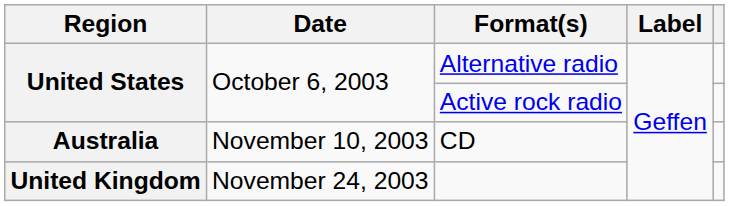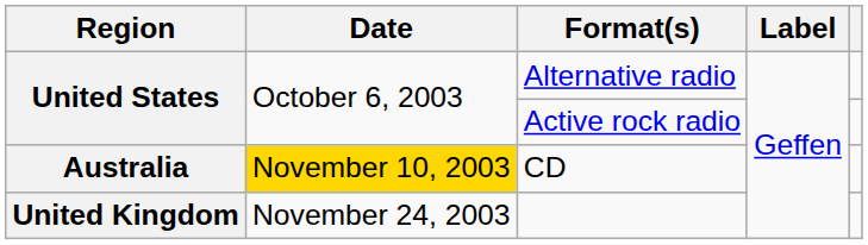 <table class="wikitable plainrowheaders">
 <tr>
 <th scope="col">Region</th>
 <th scope="col">Date</th>
 <th scope="col">Format(s)</th>
 <th scope="col">Label</th>
 <th scope="col"></th>
 </tr>
 <tr>
 <th scope="row" rowspan="2">United States</th>
 <td rowspan="2">October 6, 2003</td>
 <td><a href='#'>Alternative radio</a></td>
 <td rowspan="4"><a href='#'>Geffen</a></td>
 <td></td>
 </tr>
 <tr>
 <td><a href='#'>Active rock radio</a></td>
 <td></td>
 </tr>
 <tr>
 <th scope="row">Australia</th>
-<td>November 10, 2003</td>
+<td style="background: gold;">November 10, 2003</td>
 <td>CD</td>
 <td></td>
 </tr>
 <tr>
 <th scope="row">United Kingdom</th>
 <td>November 24, 2003</td>
 <td></td>
 <td></td>
 </tr>
 </table>
